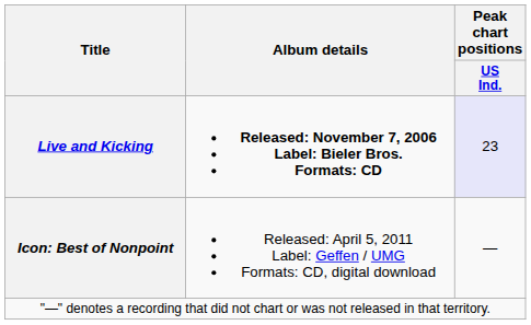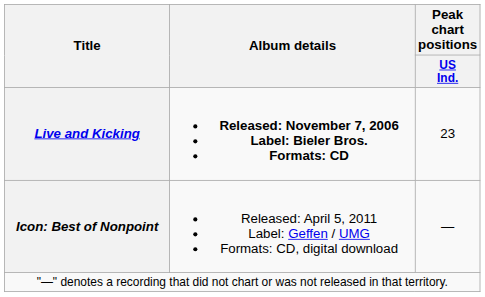 <table class="wikitable plainrowheaders" style="text-align:center;">
 <tr>
 <th scope="col" rowspan="2" style="width:12em;">Title</th>
 <th scope="col" rowspan="2" style="width:18em;">Album details</th>
 <th scope="col">Peak chart positions</th>
 </tr>
 <tr>
 <th scope="col" style="width:3em;font-size:90%;"><a href='#'>US<br>Ind.</a><br></th>
 </tr>
 <tr>
 <th scope="row"><em><a href='#'>Live and Kicking</a></em></th>
 <td><strong><br><ul><li>Released: November 7, 2006</li><li>Label: Bieler Bros.</li><li>Formats: CD</li></ul></strong></td>
-<td style="background: lavender;">23</td>
+<td>23</td>
 </tr>
 <tr>
 <th scope="row"><em>Icon: Best of Nonpoint</em></th>
 <td><br><ul><li>Released: April 5, 2011</li><li>Label: <a href='#'>Geffen</a> / <a href='#'>UMG</a></li><li>Formats: CD, digital download</li></ul></td>
 <td>—</td>
 </tr>
 <tr>
 <td colspan="6" style="font-size:90%">"—" denotes a recording that did not chart or was not released in that territory.</td>
 </tr>
 </table>
